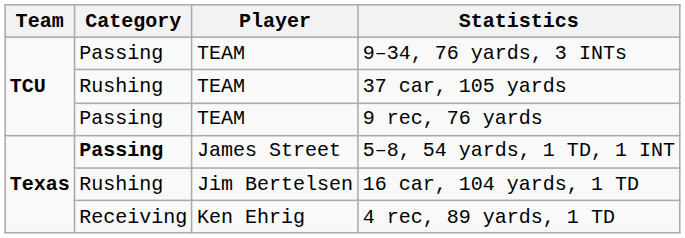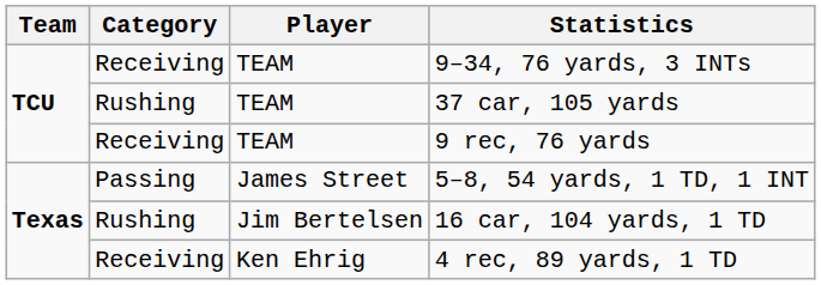 <table class="wikitable" style="float: right;">
 <tr>
 <th>Team</th>
 <th>Category</th>
 <th>Player</th>
 <th>Statistics</th>
 </tr>
 <tr>
 <td rowspan=3><strong>TCU</strong></td>
-<td>Passing</td>
+<td>Receiving</td>
 <td>TEAM</td>
 <td>9–34, 76 yards, 3 INTs</td>
 </tr>
 <tr>
 <td>Rushing</td>
 <td>TEAM</td>
 <td>37 car, 105 yards</td>
 </tr>
 <tr>
-<td>Passing</td>
+<td>Receiving</td>
 <td>TEAM</td>
 <td>9 rec, 76 yards</td>
 </tr>
 <tr>
 <td rowspan=3><strong>Texas</strong></td>
-<td><strong>Passing</strong></td>
+<td>Passing</td>
 <td>James Street</td>
 <td>5–8, 54 yards, 1 TD, 1 INT</td>
 </tr>
 <tr>
 <td>Rushing</td>
 <td>Jim Bertelsen</td>
 <td>16 car, 104 yards, 1 TD</td>
 </tr>
 <tr>
 <td>Receiving</td>
 <td>Ken Ehrig</td>
 <td>4 rec, 89 yards, 1 TD</td>
 </tr>
 </table>
